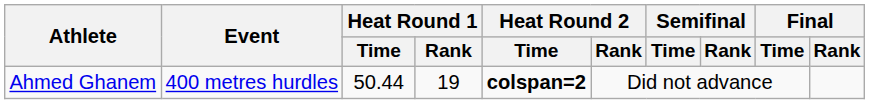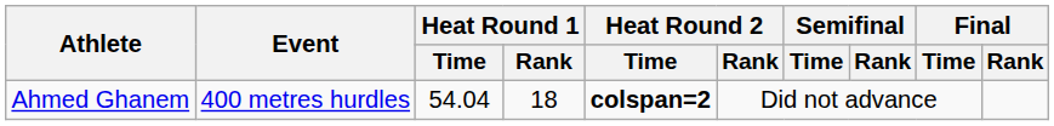 <table class=wikitable style="font-size:90%; text-align:center">
 <tr>
 <th rowspan=2>Athlete</th>
 <th rowspan=2>Event</th>
 <th colspan=2>Heat Round 1</th>
 <th colspan=2>Heat Round 2</th>
 <th colspan=2>Semifinal</th>
 <th colspan=2>Final</th>
 </tr>
 <tr style=font-size:95%>
 <th>Time</th>
 <th>Rank</th>
 <th>Time</th>
 <th>Rank</th>
 <th>Time</th>
 <th>Rank</th>
 <th>Time</th>
 <th>Rank</th>
 </tr>
 <tr align=center>
 <td align=left><a href='#'>Ahmed Ghanem</a></td>
 <td align=left><a href='#'>400 metres hurdles</a></td>
-<td>50.44</td>
-<td>19</td>
+<td>54.04</td>
+<td>18</td>
 <td><strong>colspan=2</strong></td>
 <td colspan=4>Did not advance</td>
 </tr>
 </table>
